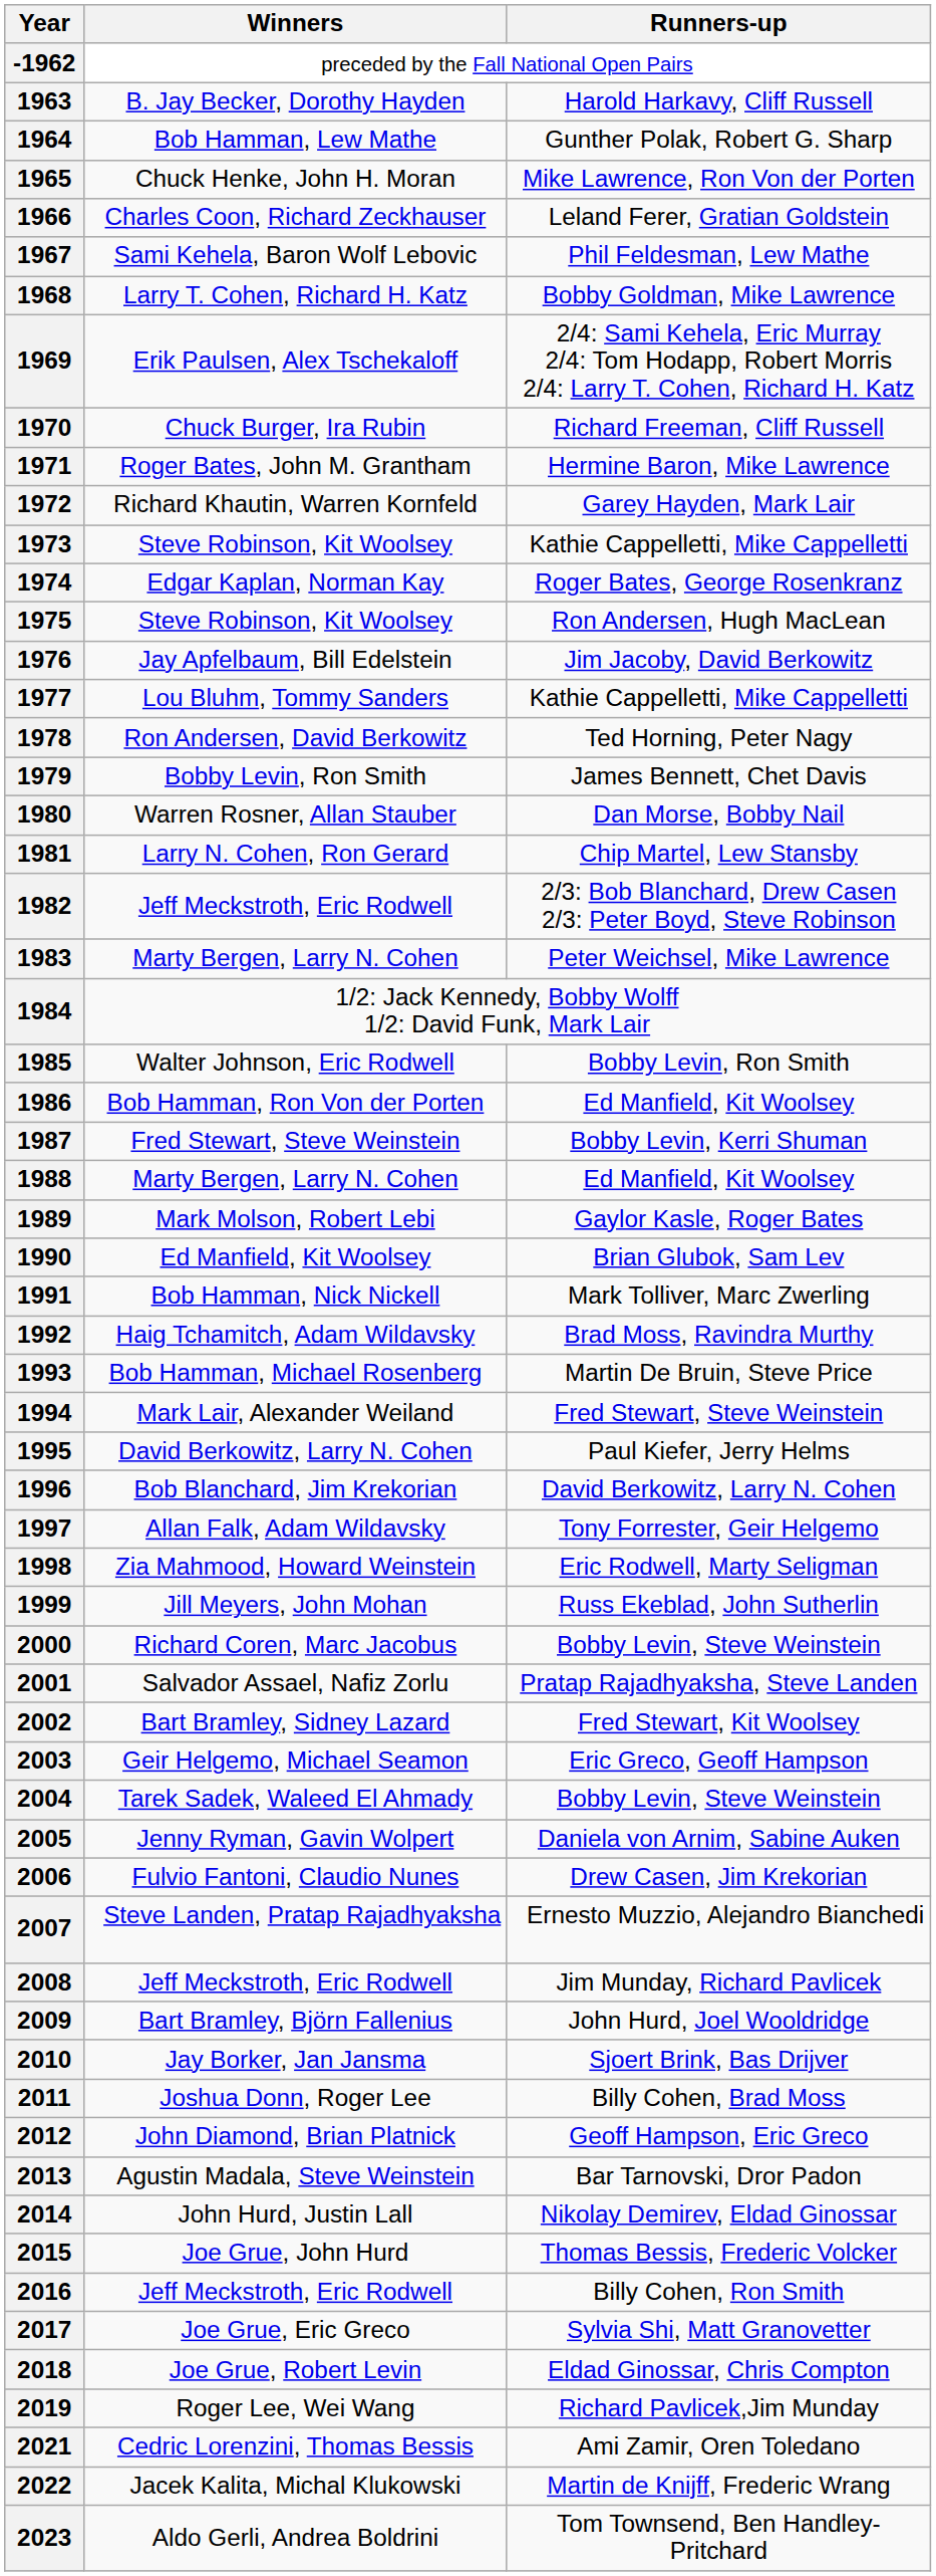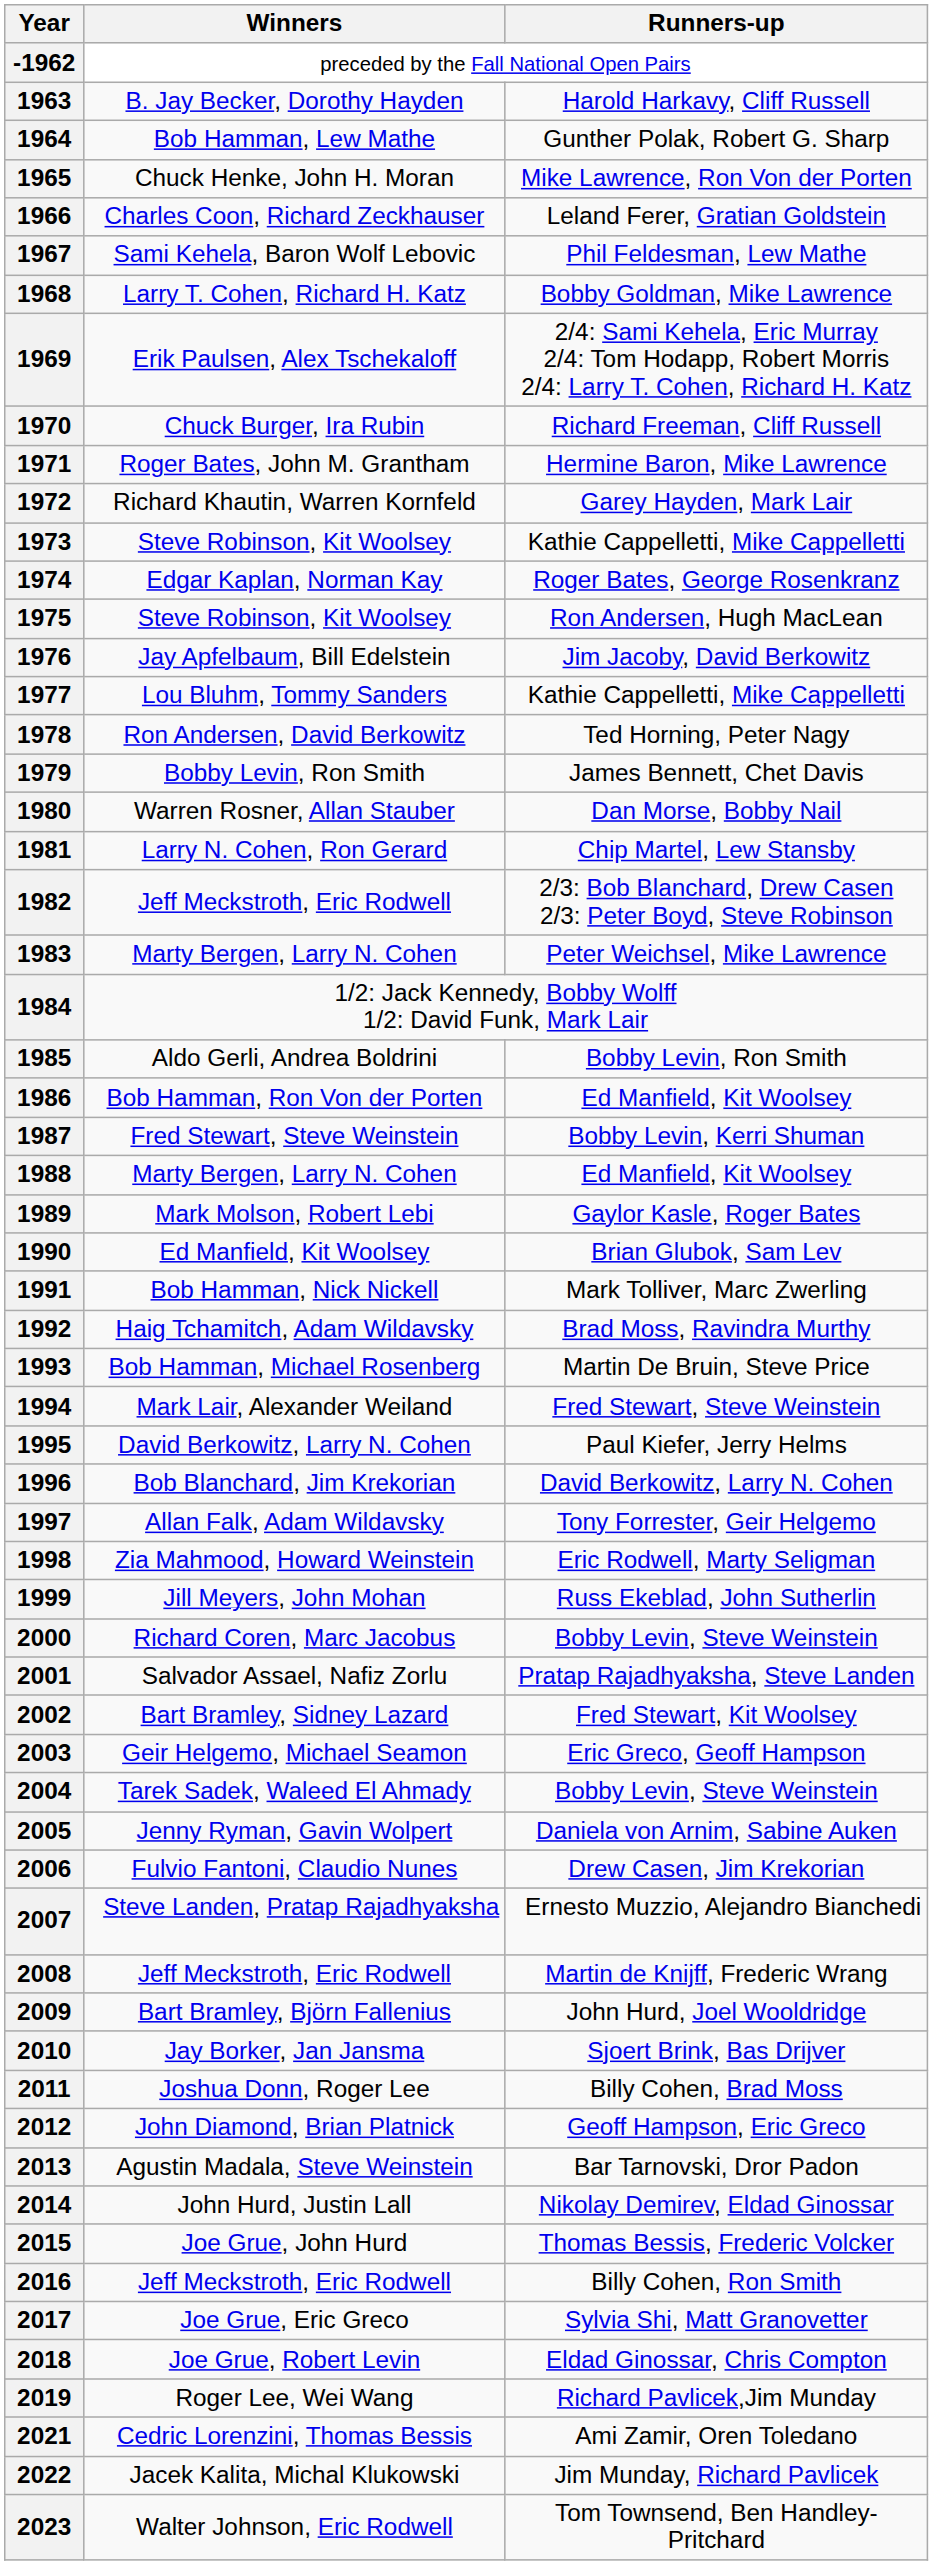 <table class="sortable wikitable" style="text-align:center">
 <tr>
 <th>Year</th>
 <th>Winners</th>
 <th>Runners-up</th>
 </tr>
 <tr>
 <th>-1962</th>
 <td colspan=2 bgcolor=#FFFFFF><small>preceded by the <a href='#'>Fall National Open Pairs</a></small></td>
 </tr>
 <tr>
 <th> 1963 </th>
 <td><a href='#'>B. Jay Becker</a>, <a href='#'>Dorothy Hayden</a></td>
 <td><a href='#'>Harold Harkavy</a>, <a href='#'>Cliff Russell</a></td>
 </tr>
 <tr>
 <th>1964</th>
 <td><a href='#'>Bob Hamman</a>, <a href='#'>Lew Mathe</a></td>
 <td>Gunther Polak, Robert G. Sharp</td>
 </tr>
 <tr>
 <th>1965</th>
 <td>Chuck Henke, John H. Moran</td>
 <td><a href='#'>Mike Lawrence</a>, <a href='#'>Ron Von der Porten</a></td>
 </tr>
 <tr>
 <th>1966</th>
 <td><a href='#'>Charles Coon</a>, <a href='#'>Richard Zeckhauser</a></td>
 <td>Leland Ferer, <a href='#'>Gratian Goldstein</a></td>
 </tr>
 <tr>
 <th>1967</th>
 <td><a href='#'>Sami Kehela</a>, Baron Wolf Lebovic</td>
 <td><a href='#'>Phil Feldesman</a>, <a href='#'>Lew Mathe</a></td>
 </tr>
 <tr>
 <th>1968</th>
 <td><a href='#'>Larry T. Cohen</a>, <a href='#'>Richard H. Katz</a></td>
 <td><a href='#'>Bobby Goldman</a>, <a href='#'>Mike Lawrence</a></td>
 </tr>
 <tr>
 <th>1969</th>
 <td><a href='#'>Erik Paulsen</a>, <a href='#'>Alex Tschekaloff</a></td>
 <td>2/4: <a href='#'>Sami Kehela</a>, <a href='#'>Eric Murray</a> <br>2/4: Tom Hodapp, Robert Morris <br>2/4: <a href='#'>Larry T. Cohen</a>, <a href='#'>Richard H. Katz</a></td>
 </tr>
 <tr>
 <th>1970</th>
 <td><a href='#'>Chuck Burger</a>, <a href='#'>Ira Rubin</a></td>
 <td><a href='#'>Richard Freeman</a>, <a href='#'>Cliff Russell</a></td>
 </tr>
 <tr>
 <th>1971</th>
 <td><a href='#'>Roger Bates</a>, John M. Grantham</td>
 <td><a href='#'>Hermine Baron</a>, <a href='#'>Mike Lawrence</a></td>
 </tr>
 <tr>
 <th>1972</th>
 <td>Richard Khautin, Warren Kornfeld</td>
 <td><a href='#'>Garey Hayden</a>, <a href='#'>Mark Lair</a></td>
 </tr>
 <tr>
 <th>1973</th>
 <td><a href='#'>Steve Robinson</a>, <a href='#'>Kit Woolsey</a></td>
 <td>Kathie Cappelletti, <a href='#'>Mike Cappelletti</a></td>
 </tr>
 <tr>
 <th>1974</th>
 <td><a href='#'>Edgar Kaplan</a>, <a href='#'>Norman Kay</a></td>
 <td><a href='#'>Roger Bates</a>, <a href='#'>George Rosenkranz</a></td>
 </tr>
 <tr>
 <th>1975</th>
 <td><a href='#'>Steve Robinson</a>, <a href='#'>Kit Woolsey</a></td>
 <td><a href='#'>Ron Andersen</a>, Hugh MacLean</td>
 </tr>
 <tr>
 <th>1976</th>
 <td><a href='#'>Jay Apfelbaum</a>, Bill Edelstein</td>
 <td><a href='#'>Jim Jacoby</a>, <a href='#'>David Berkowitz</a></td>
 </tr>
 <tr>
 <th>1977</th>
 <td><a href='#'>Lou Bluhm</a>, <a href='#'>Tommy Sanders</a></td>
 <td>Kathie Cappelletti, <a href='#'>Mike Cappelletti</a></td>
 </tr>
 <tr>
 <th>1978</th>
 <td><a href='#'>Ron Andersen</a>, <a href='#'>David Berkowitz</a></td>
 <td>Ted Horning, Peter Nagy</td>
 </tr>
 <tr>
 <th>1979</th>
 <td><a href='#'>Bobby Levin</a>, Ron Smith</td>
 <td>James Bennett, Chet Davis</td>
 </tr>
 <tr>
 <th>1980</th>
 <td>Warren Rosner, <a href='#'>Allan Stauber</a></td>
 <td><a href='#'>Dan Morse</a>, <a href='#'>Bobby Nail</a></td>
 </tr>
 <tr>
 <th>1981</th>
 <td><a href='#'>Larry N. Cohen</a>, <a href='#'>Ron Gerard</a></td>
 <td><a href='#'>Chip Martel</a>, <a href='#'>Lew Stansby</a></td>
 </tr>
 <tr>
 <th>1982</th>
 <td><a href='#'>Jeff Meckstroth</a>, <a href='#'>Eric Rodwell</a></td>
 <td>2/3: <a href='#'>Bob Blanchard</a>, <a href='#'>Drew Casen</a><br>2/3: <a href='#'>Peter Boyd</a>, <a href='#'>Steve Robinson</a></td>
 </tr>
 <tr>
 <th>1983</th>
 <td><a href='#'>Marty Bergen</a>, <a href='#'>Larry N. Cohen</a></td>
 <td><a href='#'>Peter Weichsel</a>, <a href='#'>Mike Lawrence</a></td>
 </tr>
 <tr>
 <th>1984</th>
 <td colspan=2>1/2: Jack Kennedy, <a href='#'>Bobby Wolff</a> <br>1/2: David Funk, <a href='#'>Mark Lair</a></td>
 </tr>
 <tr>
 <th>1985</th>
-<td>Walter Johnson, <a href='#'>Eric Rodwell</a></td>
+<td>Aldo Gerli, Andrea Boldrini</td>
 <td><a href='#'>Bobby Levin</a>, Ron Smith</td>
 </tr>
 <tr>
 <th>1986</th>
 <td><a href='#'>Bob Hamman</a>, <a href='#'>Ron Von der Porten</a></td>
 <td><a href='#'>Ed Manfield</a>, <a href='#'>Kit Woolsey</a></td>
 </tr>
 <tr>
 <th>1987</th>
 <td><a href='#'>Fred Stewart</a>, <a href='#'>Steve Weinstein</a></td>
 <td><a href='#'>Bobby Levin</a>, <a href='#'>Kerri Shuman</a></td>
 </tr>
 <tr>
 <th>1988</th>
 <td><a href='#'>Marty Bergen</a>, <a href='#'>Larry N. Cohen</a></td>
 <td><a href='#'>Ed Manfield</a>, <a href='#'>Kit Woolsey</a></td>
 </tr>
 <tr>
 <th>1989</th>
 <td><a href='#'>Mark Molson</a>, <a href='#'>Robert Lebi</a></td>
 <td><a href='#'>Gaylor Kasle</a>, <a href='#'>Roger Bates</a></td>
 </tr>
 <tr>
 <th>1990</th>
 <td><a href='#'>Ed Manfield</a>, <a href='#'>Kit Woolsey</a></td>
 <td><a href='#'>Brian Glubok</a>, <a href='#'>Sam Lev</a></td>
 </tr>
 <tr>
 <th>1991</th>
 <td><a href='#'>Bob Hamman</a>, <a href='#'>Nick Nickell</a></td>
 <td>Mark Tolliver, Marc Zwerling</td>
 </tr>
 <tr>
 <th>1992</th>
 <td><a href='#'>Haig Tchamitch</a>, <a href='#'>Adam Wildavsky</a></td>
 <td><a href='#'>Brad Moss</a>, <a href='#'>Ravindra Murthy</a></td>
 </tr>
 <tr>
 <th>1993</th>
 <td><a href='#'>Bob Hamman</a>, <a href='#'>Michael Rosenberg</a></td>
 <td>Martin De Bruin, Steve Price</td>
 </tr>
 <tr>
 <th>1994</th>
 <td><a href='#'>Mark Lair</a>, Alexander Weiland</td>
 <td><a href='#'>Fred Stewart</a>, <a href='#'>Steve Weinstein</a></td>
 </tr>
 <tr>
 <th>1995</th>
 <td><a href='#'>David Berkowitz</a>, <a href='#'>Larry N. Cohen</a></td>
 <td>Paul Kiefer, Jerry Helms</td>
 </tr>
 <tr>
 <th>1996</th>
 <td><a href='#'>Bob Blanchard</a>, <a href='#'>Jim Krekorian</a></td>
 <td><a href='#'>David Berkowitz</a>, <a href='#'>Larry N. Cohen</a></td>
 </tr>
 <tr>
 <th>1997</th>
 <td><a href='#'>Allan Falk</a>, <a href='#'>Adam Wildavsky</a></td>
 <td><a href='#'>Tony Forrester</a>, <a href='#'>Geir Helgemo</a></td>
 </tr>
 <tr>
 <th>1998</th>
 <td><a href='#'>Zia Mahmood</a>, <a href='#'>Howard Weinstein</a></td>
 <td><a href='#'>Eric Rodwell</a>, <a href='#'>Marty Seligman</a></td>
 </tr>
 <tr>
 <th>1999</th>
 <td><a href='#'>Jill Meyers</a>, <a href='#'>John Mohan</a></td>
 <td><a href='#'>Russ Ekeblad</a>, <a href='#'>John Sutherlin</a></td>
 </tr>
 <tr>
 <th>2000</th>
 <td><a href='#'>Richard Coren</a>, <a href='#'>Marc Jacobus</a></td>
 <td><a href='#'>Bobby Levin</a>, <a href='#'>Steve Weinstein</a></td>
 </tr>
 <tr>
 <th>2001</th>
 <td>Salvador Assael, Nafiz Zorlu</td>
 <td><a href='#'>Pratap Rajadhyaksha</a>, <a href='#'>Steve Landen</a></td>
 </tr>
 <tr>
 <th>2002</th>
 <td><a href='#'>Bart Bramley</a>, <a href='#'>Sidney Lazard</a></td>
 <td><a href='#'>Fred Stewart</a>, <a href='#'>Kit Woolsey</a></td>
 </tr>
 <tr>
 <th>2003</th>
 <td><a href='#'>Geir Helgemo</a>, <a href='#'>Michael Seamon</a></td>
 <td><a href='#'>Eric Greco</a>, <a href='#'>Geoff Hampson</a></td>
 </tr>
 <tr>
 <th>2004</th>
 <td><a href='#'>Tarek Sadek</a>, <a href='#'>Waleed El Ahmady</a></td>
 <td><a href='#'>Bobby Levin</a>, <a href='#'>Steve Weinstein</a></td>
 </tr>
 <tr>
 <th>2005</th>
 <td><a href='#'>Jenny Ryman</a>, <a href='#'>Gavin Wolpert</a></td>
 <td><a href='#'>Daniela von Arnim</a>, <a href='#'>Sabine Auken</a></td>
 </tr>
 <tr>
 <th>2006</th>
 <td><a href='#'>Fulvio Fantoni</a>, <a href='#'>Claudio Nunes</a></td>
 <td><a href='#'>Drew Casen</a>, <a href='#'>Jim Krekorian</a></td>
 </tr>
 <tr>
 <th>2007</th>
 <td>  <a href='#'>Steve Landen</a>, <a href='#'>Pratap Rajadhyaksha</a>  </td>
 <td>  Ernesto Muzzio, Alejandro Bianchedi  </td>
 </tr>
 <tr>
 <th>2008</th>
 <td><a href='#'>Jeff Meckstroth</a>, <a href='#'>Eric Rodwell</a></td>
-<td>Jim Munday, <a href='#'>Richard Pavlicek</a></td>
+<td><a href='#'>Martin de Knijff</a>, Frederic Wrang</td>
 </tr>
 <tr>
 <th>2009</th>
 <td><a href='#'>Bart Bramley</a>, <a href='#'>Björn Fallenius</a></td>
 <td>John Hurd, <a href='#'>Joel Wooldridge</a></td>
 </tr>
 <tr>
 <th>2010</th>
 <td><a href='#'>Jay Borker</a>, <a href='#'>Jan Jansma</a></td>
 <td><a href='#'>Sjoert Brink</a>, <a href='#'>Bas Drijver</a></td>
 </tr>
 <tr>
 <th>2011</th>
 <td><a href='#'>Joshua Donn</a>, Roger Lee</td>
 <td>Billy Cohen, <a href='#'>Brad Moss</a></td>
 </tr>
 <tr>
 <th>2012</th>
 <td><a href='#'>John Diamond</a>, <a href='#'>Brian Platnick</a></td>
 <td><a href='#'>Geoff Hampson</a>, <a href='#'>Eric Greco</a></td>
 </tr>
 <tr>
 <th>2013</th>
 <td>Agustin Madala, <a href='#'>Steve Weinstein</a></td>
 <td>Bar Tarnovski, Dror Padon</td>
 </tr>
 <tr>
 <th>2014</th>
 <td>John Hurd, Justin Lall</td>
 <td><a href='#'>Nikolay Demirev</a>,  <a href='#'>Eldad Ginossar</a></td>
 </tr>
 <tr>
 <th>2015</th>
 <td><a href='#'>Joe Grue</a>, John Hurd</td>
 <td><a href='#'>Thomas Bessis</a>, <a href='#'>Frederic Volcker</a></td>
 </tr>
 <tr>
 <th>2016</th>
 <td><a href='#'>Jeff Meckstroth</a>, <a href='#'>Eric Rodwell</a></td>
 <td>Billy Cohen, <a href='#'>Ron Smith</a></td>
 </tr>
 <tr>
 <th>2017</th>
 <td><a href='#'>Joe Grue</a>, Eric Greco</td>
 <td><a href='#'>Sylvia Shi</a>, <a href='#'>Matt Granovetter</a></td>
 </tr>
 <tr>
 <th>2018</th>
 <td><a href='#'>Joe Grue</a>, <a href='#'>Robert Levin</a></td>
 <td><a href='#'>Eldad Ginossar</a>, <a href='#'>Chris Compton</a></td>
 </tr>
 <tr>
 <th>2019</th>
 <td>Roger Lee, Wei Wang</td>
 <td><a href='#'>Richard Pavlicek</a>,Jim Munday</td>
 </tr>
 <tr>
 <th>2021</th>
 <td><a href='#'>Cedric Lorenzini</a>, <a href='#'>Thomas Bessis</a></td>
 <td>Ami Zamir, Oren Toledano</td>
 </tr>
 <tr>
 <th>2022</th>
 <td>Jacek Kalita, Michal Klukowski</td>
-<td><a href='#'>Martin de Knijff</a>, Frederic Wrang</td>
+<td>Jim Munday, <a href='#'>Richard Pavlicek</a></td>
 </tr>
 <tr>
 <th>2023</th>
-<td>Aldo Gerli, Andrea Boldrini</td>
+<td>Walter Johnson, <a href='#'>Eric Rodwell</a></td>
 <td>Tom Townsend, Ben Handley-Pritchard</td>
 </tr>
 </table>
